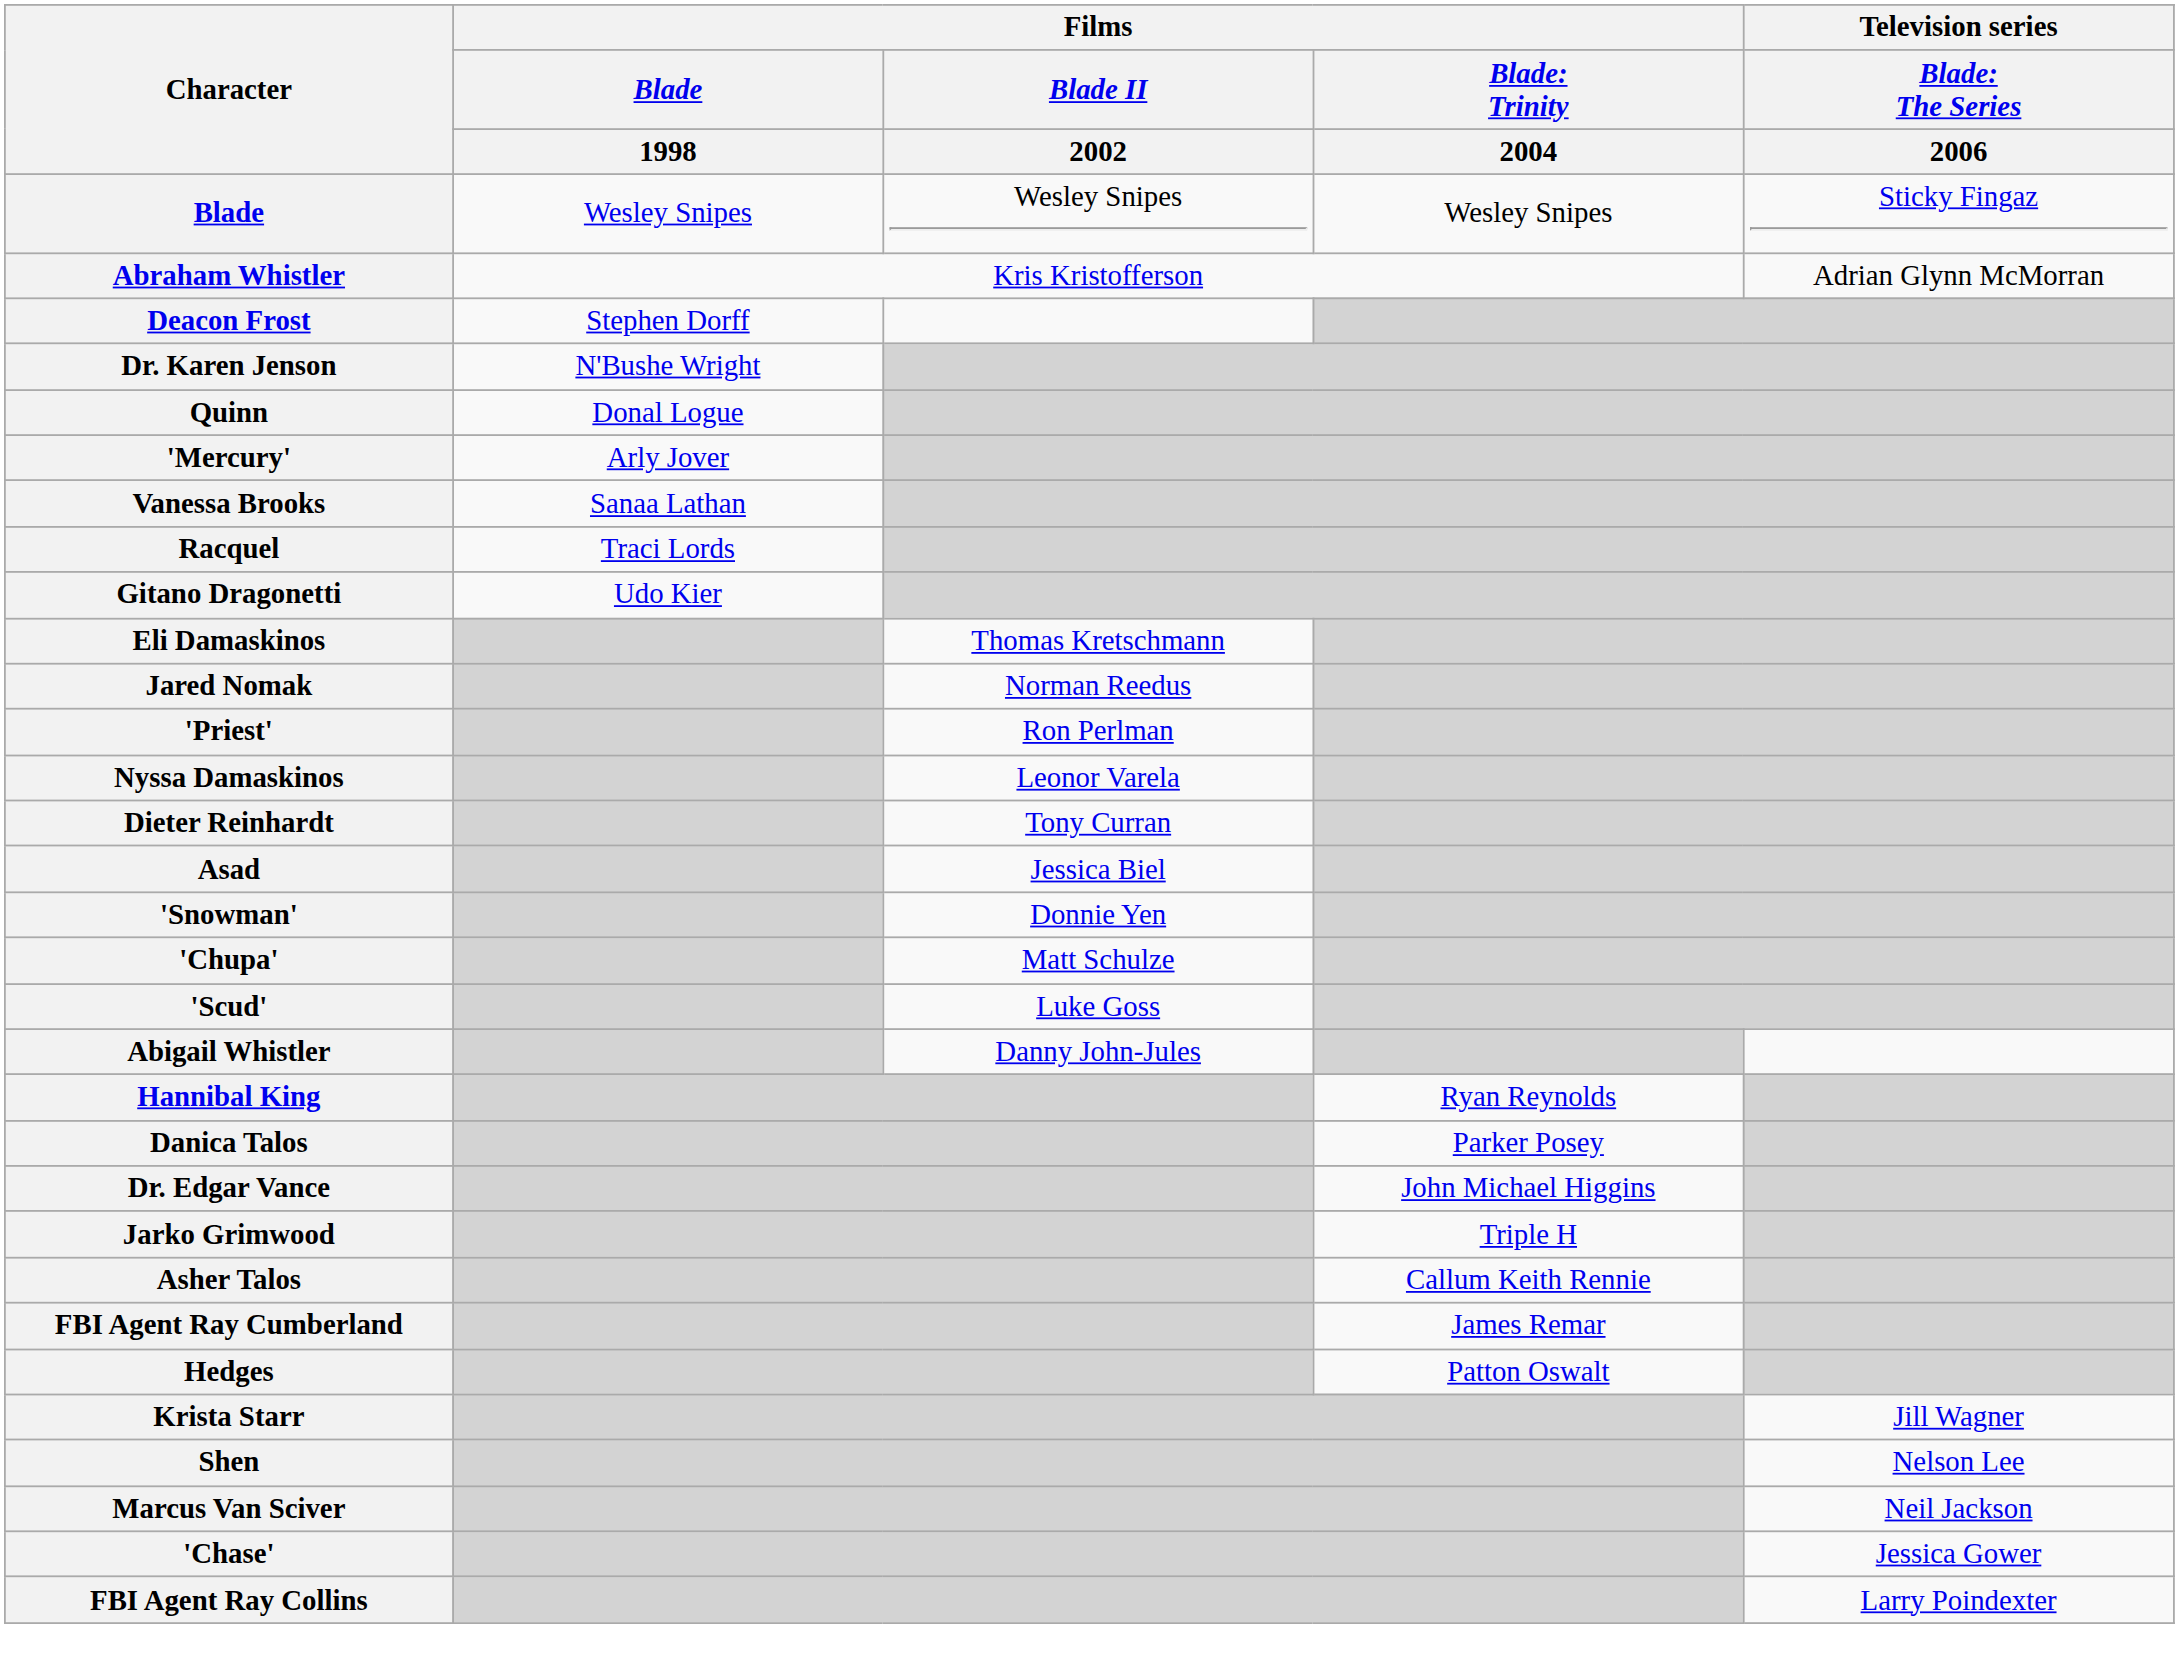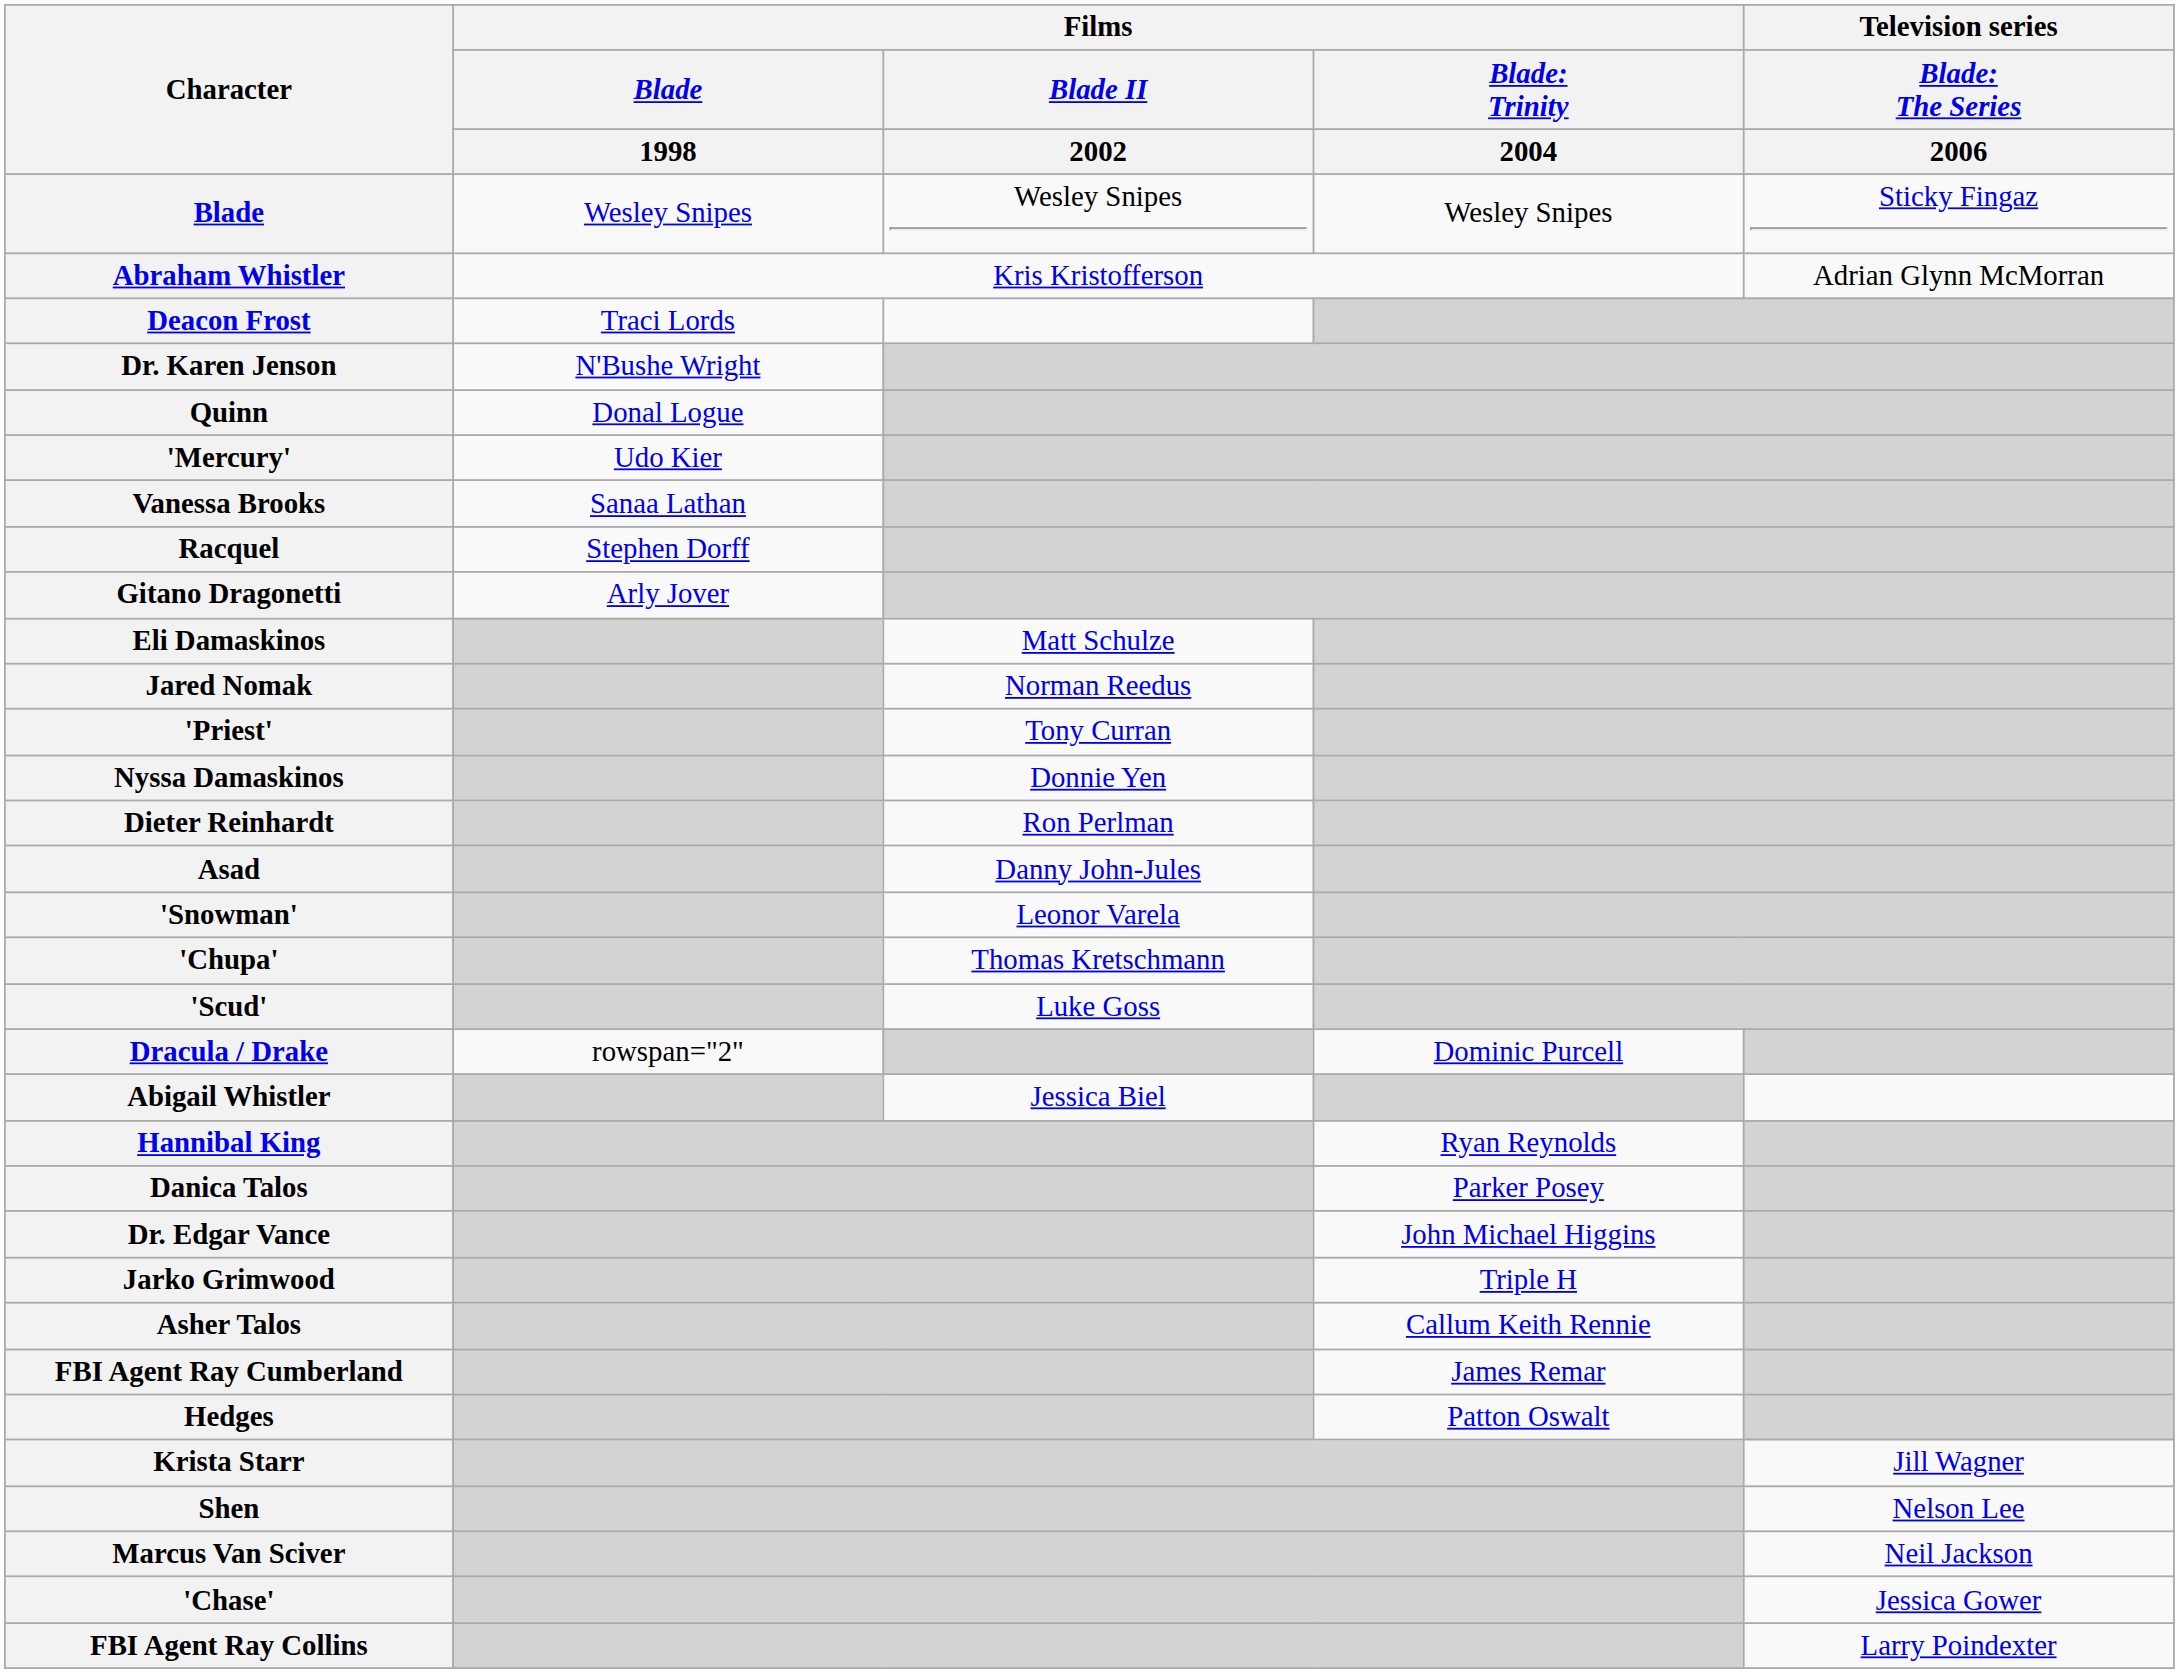 <table class="wikitable sortable plainrowheaders"  style="text-align:center;">
 <tr>
 <th rowspan="3" style="width:16.66%;">Character</th>
 <th colspan="3">Films</th>
 <th>Television series</th>
 </tr>
 <tr>
 <th style="text-align:center; width:16%;"><em><a href='#'>Blade</a></em></th>
 <th style="text-align:center; width:16%;"><em><a href='#'>Blade II</a></em></th>
 <th style="text-align:center; width:16%;"><em><a href='#'>Blade:<br> Trinity</a></em></th>
 <th style="text-align:center; width:16%;"><em><a href='#'>Blade:<br> The Series</a></em></th>
 </tr>
 <tr>
 <th>1998</th>
 <th>2002</th>
 <th>2004</th>
 <th>2006</th>
 </tr>
 <tr>
 <th><a href='#'>Blade<br></a></th>
 <td><a href='#'>Wesley Snipes</a></td>
 <td>Wesley Snipes<hr></td>
 <td>Wesley Snipes</td>
 <td><a href='#'>Sticky Fingaz</a><hr></td>
 </tr>
 <tr>
 <th><a href='#'>Abraham Whistler</a></th>
 <td colspan="3"><a href='#'>Kris Kristofferson</a></td>
 <td>Adrian Glynn McMorran</td>
 </tr>
 <tr>
 <th><a href='#'>Deacon Frost<br></a></th>
-<td><a href='#'>Stephen Dorff</a></td>
+<td><a href='#'>Traci Lords</a></td>
 <td></td>
 <td colspan="2" style="background:lightgrey;"></td>
 </tr>
 <tr>
 <th>Dr. Karen Jenson</th>
 <td><a href='#'>N'Bushe Wright</a></td>
 <td colspan="3" style="background:lightgrey;"></td>
 </tr>
 <tr>
 <th>Quinn</th>
 <td><a href='#'>Donal Logue</a></td>
 <td colspan="3" style="background:lightgrey;"></td>
 </tr>
 <tr>
 <th>'Mercury'</th>
-<td><a href='#'>Arly Jover</a></td>
+<td><a href='#'>Udo Kier</a></td>
 <td colspan="3" style="background:lightgrey;"></td>
 </tr>
 <tr>
 <th>Vanessa Brooks</th>
 <td><a href='#'>Sanaa Lathan</a></td>
 <td colspan="3" style="background:lightgrey;"></td>
 </tr>
 <tr>
 <th>Racquel</th>
-<td><a href='#'>Traci Lords</a></td>
+<td><a href='#'>Stephen Dorff</a></td>
 <td colspan="3" style="background:lightgrey;"></td>
 </tr>
 <tr>
 <th>Gitano Dragonetti</th>
-<td><a href='#'>Udo Kier</a></td>
+<td><a href='#'>Arly Jover</a></td>
 <td colspan="3" style="background:lightgrey;"></td>
 </tr>
 <tr>
 <th>Eli Damaskinos</th>
 <td style="background:lightgrey;"></td>
-<td><a href='#'>Thomas Kretschmann</a></td>
+<td><a href='#'>Matt Schulze</a></td>
 <td colspan="2" style="background:lightgrey;"></td>
 </tr>
 <tr>
 <th>Jared Nomak</th>
 <td style="background:lightgrey;"></td>
 <td><a href='#'>Norman Reedus</a></td>
 <td colspan="2" style="background:lightgrey;"></td>
 </tr>
 <tr>
 <th>'Priest'</th>
 <td style="background:lightgrey;"></td>
-<td><a href='#'>Ron Perlman</a></td>
+<td><a href='#'>Tony Curran</a></td>
 <td colspan="2" style="background:lightgrey;"></td>
 </tr>
 <tr>
 <th>Nyssa Damaskinos</th>
 <td style="background:lightgrey;"></td>
-<td><a href='#'>Leonor Varela</a></td>
+<td><a href='#'>Donnie Yen</a></td>
 <td colspan="2" style="background:lightgrey;"></td>
 </tr>
 <tr>
 <th>Dieter Reinhardt</th>
 <td style="background:lightgrey;"></td>
-<td><a href='#'>Tony Curran</a></td>
+<td><a href='#'>Ron Perlman</a></td>
 <td colspan="2" style="background:lightgrey;"></td>
 </tr>
 <tr>
 <th>Asad</th>
 <td style="background:lightgrey;"></td>
-<td><a href='#'>Jessica Biel</a></td>
+<td><a href='#'>Danny John-Jules</a></td>
 <td colspan="2" style="background:lightgrey;"></td>
 </tr>
 <tr>
 <th>'Snowman'</th>
 <td style="background:lightgrey;"></td>
-<td><a href='#'>Donnie Yen</a></td>
+<td><a href='#'>Leonor Varela</a></td>
 <td colspan="2" style="background:lightgrey;"></td>
 </tr>
 <tr>
 <th>'Chupa'</th>
 <td style="background:lightgrey;"></td>
-<td><a href='#'>Matt Schulze</a></td>
+<td><a href='#'>Thomas Kretschmann</a></td>
 <td colspan="2" style="background:lightgrey;"></td>
 </tr>
 <tr>
 <th>'Scud'</th>
 <td style="background:lightgrey;"></td>
 <td><a href='#'>Luke Goss</a></td>
 <td colspan="2" style="background:lightgrey;"></td>
 </tr>
 <tr>
+<th><a href='#'>Dracula / Drake</a></th>
+<td>rowspan="2" </td>
+<td style="background:lightgrey;"></td>
+<td><a href='#'>Dominic Purcell</a></td>
+<td style="background:lightgrey;"></td>
+</tr>
+<tr>
 <th>Abigail Whistler</th>
 <td style="background:lightgrey;"></td>
-<td><a href='#'>Danny John-Jules</a></td>
+<td><a href='#'>Jessica Biel</a></td>
 <td style="background:lightgrey;"></td>
 </tr>
 <tr>
 <th><a href='#'>Hannibal King</a></th>
 <td colspan="2" style="background:lightgrey;"></td>
 <td><a href='#'>Ryan Reynolds</a></td>
 <td style="background:lightgrey;"></td>
 </tr>
 <tr>
 <th>Danica Talos</th>
 <td colspan="2" style="background:lightgrey;"></td>
 <td><a href='#'>Parker Posey</a></td>
 <td style="background:lightgrey;"></td>
 </tr>
 <tr>
 <th>Dr. Edgar Vance</th>
 <td colspan="2" style="background:lightgrey;"></td>
 <td><a href='#'>John Michael Higgins</a></td>
 <td style="background:lightgrey;"></td>
 </tr>
 <tr>
 <th>Jarko Grimwood</th>
 <td colspan="2" style="background:lightgrey;"></td>
 <td><a href='#'>Triple H</a></td>
 <td style="background:lightgrey;"></td>
 </tr>
 <tr>
 <th>Asher Talos</th>
 <td colspan="2" style="background:lightgrey;"></td>
 <td><a href='#'>Callum Keith Rennie</a></td>
 <td style="background:lightgrey;"></td>
 </tr>
 <tr>
 <th>FBI Agent Ray Cumberland</th>
 <td colspan="2" style="background:lightgrey;"></td>
 <td><a href='#'>James Remar</a></td>
 <td style="background:lightgrey;"></td>
 </tr>
 <tr>
 <th>Hedges</th>
 <td colspan="2" style="background:lightgrey;"></td>
 <td><a href='#'>Patton Oswalt</a></td>
 <td style="background:lightgrey;"></td>
 </tr>
 <tr>
 <th>Krista Starr</th>
 <td colspan="3" style="background:lightgrey;"></td>
 <td><a href='#'>Jill Wagner</a></td>
 </tr>
 <tr>
 <th>Shen</th>
 <td colspan="3" style="background:lightgrey;"></td>
 <td><a href='#'>Nelson Lee</a></td>
 </tr>
 <tr>
 <th>Marcus Van Sciver</th>
 <td colspan="3" style="background:lightgrey;"></td>
 <td><a href='#'>Neil Jackson</a></td>
 </tr>
 <tr>
 <th>'Chase'</th>
 <td colspan="3" style="background:lightgrey;"></td>
 <td><a href='#'>Jessica Gower</a></td>
 </tr>
 <tr>
 <th>FBI Agent Ray Collins</th>
 <td colspan="3" style="background:lightgrey;"></td>
 <td><a href='#'>Larry Poindexter</a></td>
 </tr>
 </table>
